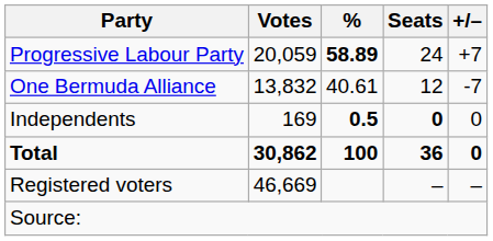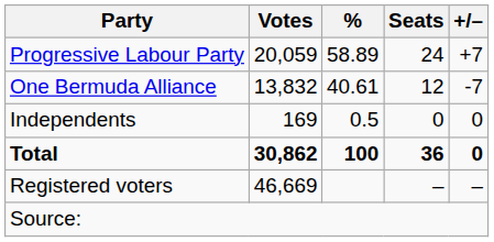 <table class=wikitable style=text-align:right>
 <tr>
 <th>Party</th>
 <th>Votes</th>
 <th>%</th>
 <th>Seats</th>
 <th>+/–</th>
 </tr>
 <tr>
 <td align=left><a href='#'>Progressive Labour Party</a></td>
 <td>20,059</td>
-<td><strong>58.89</strong></td>
+<td>58.89</td>
 <td>24</td>
 <td>+7</td>
 </tr>
 <tr>
 <td align=left><a href='#'>One Bermuda Alliance</a></td>
 <td>13,832</td>
 <td>40.61</td>
 <td>12</td>
 <td>-7</td>
 </tr>
 <tr>
 <td align=left>Independents</td>
 <td>169</td>
-<td><strong>0.5</strong></td>
-<td><strong>0</strong></td>
+<td>0.5</td>
+<td>0</td>
 <td>0</td>
 </tr>
 <tr>
 <td align=left><strong>Total</strong></td>
 <td><strong>30,862</strong></td>
 <td><strong>100</strong></td>
 <td><strong>36</strong></td>
 <td><strong>0</strong></td>
 </tr>
 <tr>
 <td align=left>Registered voters</td>
 <td>46,669</td>
 <td></td>
 <td>–</td>
 <td>–</td>
 </tr>
 <tr>
 <td align=left colspan=5>Source: </td>
 </tr>
 </table>
